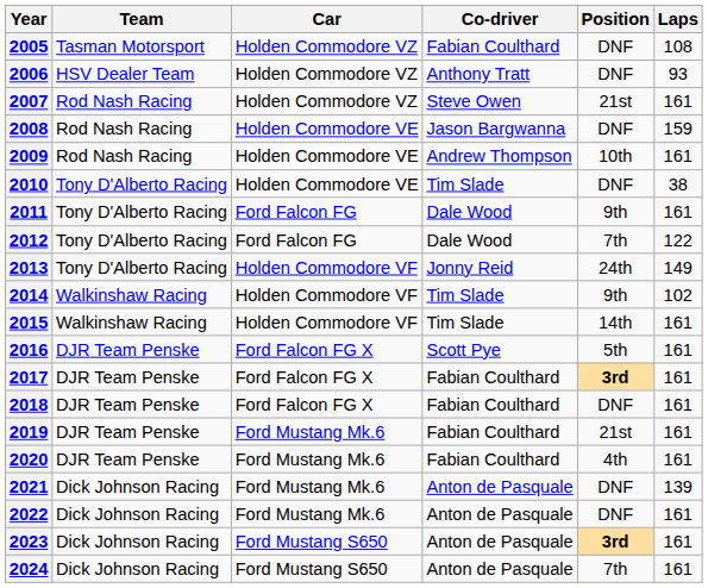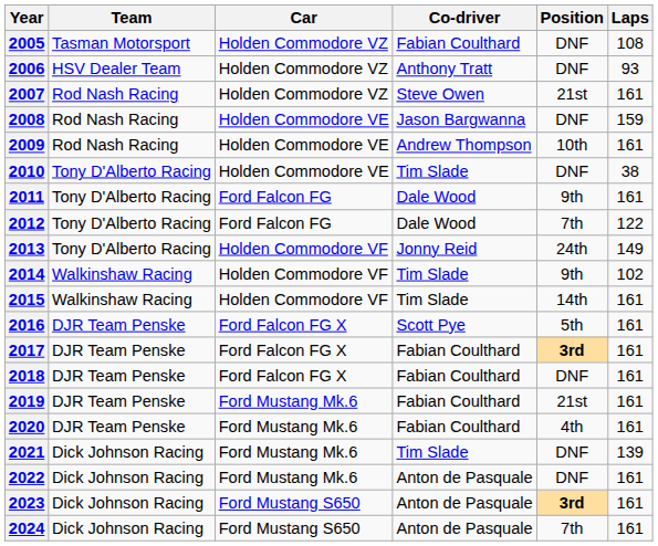 <table class="wikitable" style="font-size: 95%;">
 <tr>
 <th>Year</th>
 <th>Team</th>
 <th>Car</th>
 <th>Co-driver</th>
 <th>Position</th>
 <th>Laps</th>
 </tr>
 <tr>
 <th><a href='#'>2005</a></th>
 <td><a href='#'>Tasman Motorsport</a></td>
 <td><a href='#'>Holden Commodore VZ</a></td>
 <td> <a href='#'>Fabian Coulthard</a></td>
 <td align="center">DNF</td>
 <td align="center">108</td>
 </tr>
 <tr>
 <th><a href='#'>2006</a></th>
 <td><a href='#'>HSV Dealer Team</a></td>
 <td>Holden Commodore VZ</td>
 <td> <a href='#'>Anthony Tratt</a></td>
 <td align="center">DNF</td>
 <td align="center">93</td>
 </tr>
 <tr>
 <th><a href='#'>2007</a></th>
 <td><a href='#'>Rod Nash Racing</a></td>
 <td>Holden Commodore VZ</td>
 <td> <a href='#'>Steve Owen</a></td>
 <td align="center">21st</td>
 <td align="center">161</td>
 </tr>
 <tr>
 <th><a href='#'>2008</a></th>
 <td>Rod Nash Racing</td>
 <td><a href='#'>Holden Commodore VE</a></td>
 <td> <a href='#'>Jason Bargwanna</a></td>
 <td align="center">DNF</td>
 <td align="center">159</td>
 </tr>
 <tr>
 <th><a href='#'>2009</a></th>
 <td>Rod Nash Racing</td>
 <td>Holden Commodore VE</td>
 <td> <a href='#'>Andrew Thompson</a></td>
 <td align="center">10th</td>
 <td align="center">161</td>
 </tr>
 <tr>
 <th><a href='#'>2010</a></th>
 <td><a href='#'>Tony D'Alberto Racing</a></td>
 <td>Holden Commodore VE</td>
 <td> <a href='#'>Tim Slade</a></td>
 <td align="center">DNF</td>
 <td align="center">38</td>
 </tr>
 <tr>
 <th><a href='#'>2011</a></th>
 <td>Tony D'Alberto Racing</td>
 <td><a href='#'>Ford Falcon FG</a></td>
 <td> <a href='#'>Dale Wood</a></td>
 <td align="center">9th</td>
 <td align="center">161</td>
 </tr>
 <tr>
 <th><a href='#'>2012</a></th>
 <td>Tony D'Alberto Racing</td>
 <td>Ford Falcon FG</td>
 <td> Dale Wood</td>
 <td align="center">7th</td>
 <td align="center">122</td>
 </tr>
 <tr>
 <th><a href='#'>2013</a></th>
 <td>Tony D'Alberto Racing</td>
 <td><a href='#'>Holden Commodore VF</a></td>
 <td> <a href='#'>Jonny Reid</a></td>
 <td align="center">24th</td>
 <td align="center">149</td>
 </tr>
 <tr>
 <th><a href='#'>2014</a></th>
 <td><a href='#'>Walkinshaw Racing</a></td>
 <td>Holden Commodore VF</td>
 <td> <a href='#'>Tim Slade</a></td>
 <td align="center">9th</td>
 <td align="center">102</td>
 </tr>
 <tr>
 <th><a href='#'>2015</a></th>
 <td>Walkinshaw Racing</td>
 <td>Holden Commodore VF</td>
 <td> Tim Slade</td>
 <td align="center">14th</td>
 <td align="center">161</td>
 </tr>
 <tr>
 <th><a href='#'>2016</a></th>
 <td><a href='#'>DJR Team Penske</a></td>
 <td><a href='#'>Ford Falcon FG X</a></td>
 <td> <a href='#'>Scott Pye</a></td>
 <td align="center">5th</td>
 <td align="center">161</td>
 </tr>
 <tr>
 <th><a href='#'>2017</a></th>
 <td>DJR Team Penske</td>
 <td>Ford Falcon FG X</td>
 <td> Fabian Coulthard</td>
 <td align="center" style="background: #ffdf9f"><strong>3rd</strong></td>
 <td align="center">161</td>
 </tr>
 <tr>
 <th><a href='#'>2018</a></th>
 <td>DJR Team Penske</td>
 <td>Ford Falcon FG X</td>
 <td> Fabian Coulthard</td>
 <td align="center">DNF</td>
 <td align="center">161</td>
 </tr>
 <tr>
 <th><a href='#'>2019</a></th>
 <td>DJR Team Penske</td>
 <td><a href='#'>Ford Mustang Mk.6</a></td>
 <td> Fabian Coulthard</td>
 <td align="center">21st</td>
 <td align="center">161</td>
 </tr>
 <tr>
 <th><a href='#'>2020</a></th>
 <td>DJR Team Penske</td>
 <td>Ford Mustang Mk.6</td>
 <td> Fabian Coulthard</td>
 <td align="center">4th</td>
 <td align="center">161</td>
 </tr>
 <tr>
 <th><a href='#'>2021</a></th>
 <td>Dick Johnson Racing</td>
 <td>Ford Mustang Mk.6</td>
-<td> <a href='#'>Anton de Pasquale</a></td>
+<td> <a href='#'>Tim Slade</a></td>
 <td align="center">DNF</td>
 <td align="center">139</td>
 </tr>
 <tr>
 <th><a href='#'>2022</a></th>
 <td>Dick Johnson Racing</td>
 <td>Ford Mustang Mk.6</td>
 <td> Anton de Pasquale</td>
 <td align="center">DNF</td>
 <td align="center">161</td>
 </tr>
 <tr>
 <th><a href='#'>2023</a></th>
 <td>Dick Johnson Racing</td>
 <td><a href='#'>Ford Mustang S650</a></td>
 <td> Anton de Pasquale</td>
 <td align="center" style="background: #ffdf9f"><strong>3rd</strong></td>
 <td align="center">161</td>
 </tr>
 <tr>
 <th><a href='#'>2024</a></th>
 <td>Dick Johnson Racing</td>
 <td>Ford Mustang S650</td>
 <td> Anton de Pasquale</td>
 <td align="center">7th</td>
 <td align="center">161</td>
 </tr>
 </table>
